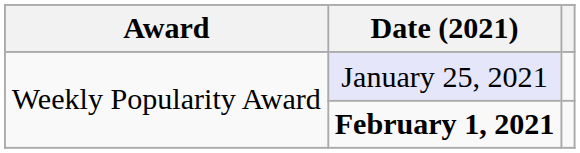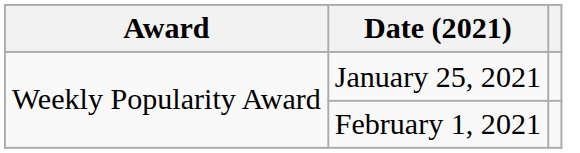 <table class="sortable wikitable" style="text-align:center;">
 <tr>
 <th>Award</th>
 <th>Date (2021)</th>
 <th class="unsortable"></th>
 </tr>
 <tr>
 <td rowspan="2">Weekly Popularity Award</td>
-<td align="center" style="background: lavender;">January 25, 2021</td>
+<td align="center">January 25, 2021</td>
 <td></td>
 </tr>
 <tr>
-<td align="center"><strong>February 1, 2021</strong></td>
+<td align="center">February 1, 2021</td>
 <td></td>
 </tr>
 </table>
